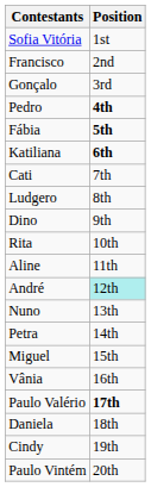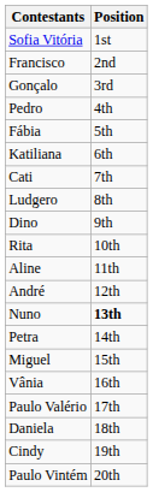 <table class="wikitable">
 <tr>
 <th>Contestants</th>
 <th>Position</th>
 </tr>
 <tr>
 <td><a href='#'>Sofia Vitória</a></td>
 <td>1st</td>
 </tr>
 <tr>
 <td>Francisco</td>
 <td>2nd</td>
 </tr>
 <tr>
 <td>Gonçalo</td>
 <td>3rd</td>
 </tr>
 <tr>
 <td>Pedro</td>
-<td><strong>4th</strong></td>
+<td>4th</td>
 </tr>
 <tr>
 <td>Fábia</td>
-<td><strong>5th</strong></td>
+<td>5th</td>
 </tr>
 <tr>
 <td>Katiliana</td>
-<td><strong>6th</strong></td>
+<td>6th</td>
 </tr>
 <tr>
 <td>Cati</td>
 <td>7th</td>
 </tr>
 <tr>
 <td>Ludgero</td>
 <td>8th</td>
 </tr>
 <tr>
 <td>Dino</td>
 <td>9th</td>
 </tr>
 <tr>
 <td>Rita</td>
 <td>10th</td>
 </tr>
 <tr>
 <td>Aline</td>
 <td>11th</td>
 </tr>
 <tr>
 <td>André</td>
-<td style="background: paleturquoise;">12th</td>
+<td>12th</td>
 </tr>
 <tr>
 <td>Nuno</td>
-<td>13th</td>
+<td><strong>13th</strong></td>
 </tr>
 <tr>
 <td>Petra</td>
 <td>14th</td>
 </tr>
 <tr>
 <td>Miguel</td>
 <td>15th</td>
 </tr>
 <tr>
 <td>Vânia</td>
 <td>16th</td>
 </tr>
 <tr>
 <td>Paulo Valério</td>
-<td><strong>17th</strong></td>
+<td>17th</td>
 </tr>
 <tr>
 <td>Daniela</td>
 <td>18th</td>
 </tr>
 <tr>
 <td>Cindy</td>
 <td>19th</td>
 </tr>
 <tr>
 <td>Paulo Vintém</td>
 <td>20th</td>
 </tr>
 </table>
